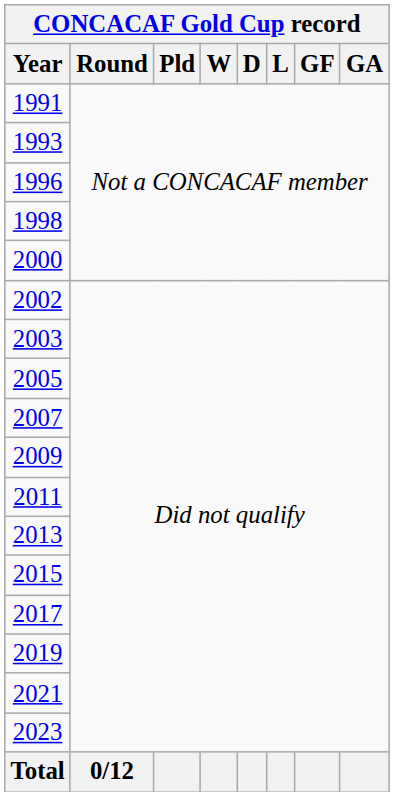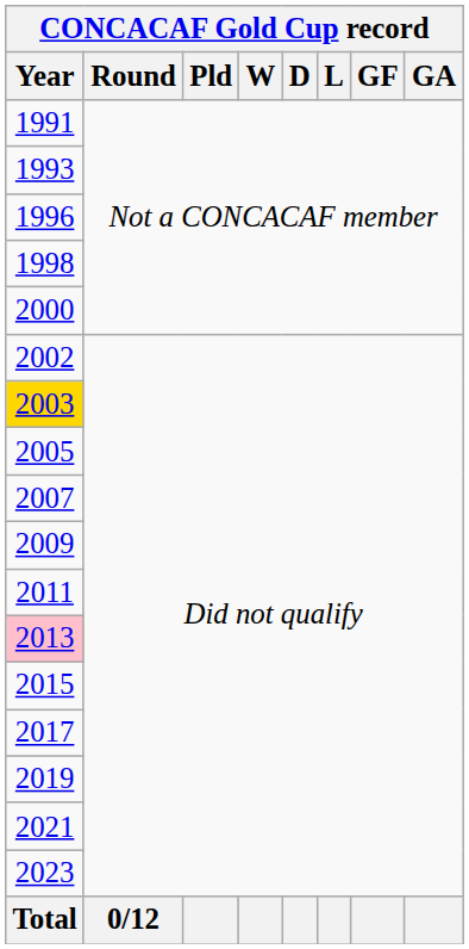 <table class="wikitable" style="text-align: center;">
 <tr>
 <th colspan=8><a href='#'>CONCACAF Gold Cup</a> record</th>
 </tr>
 <tr>
 <th>Year</th>
 <th>Round</th>
 <th>Pld</th>
 <th>W</th>
 <th>D</th>
 <th>L</th>
 <th>GF</th>
 <th>GA</th>
 </tr>
 <tr>
 <td> <a href='#'>1991</a></td>
 <td colspan=8 rowspan=5><em>Not a CONCACAF member</em></td>
 </tr>
 <tr>
 <td>  <a href='#'>1993</a></td>
 </tr>
 <tr>
 <td> <a href='#'>1996</a></td>
 </tr>
 <tr>
 <td> <a href='#'>1998</a></td>
 </tr>
 <tr>
 <td> <a href='#'>2000</a></td>
 </tr>
 <tr>
 <td> <a href='#'>2002</a></td>
 <td colspan=8 rowspan=12><em>Did not qualify</em></td>
 </tr>
 <tr>
-<td>  <a href='#'>2003</a></td>
+<td style="background: gold;">  <a href='#'>2003</a></td>
 </tr>
 <tr>
 <td> <a href='#'>2005</a></td>
 </tr>
 <tr>
 <td> <a href='#'>2007</a></td>
 </tr>
 <tr>
 <td> <a href='#'>2009</a></td>
 </tr>
 <tr>
 <td> <a href='#'>2011</a></td>
 </tr>
 <tr>
-<td> <a href='#'>2013</a></td>
+<td style="background: pink;"> <a href='#'>2013</a></td>
 </tr>
 <tr>
 <td>  <a href='#'>2015</a></td>
 </tr>
 <tr>
 <td> <a href='#'>2017</a></td>
 </tr>
 <tr>
 <td>   <a href='#'>2019</a></td>
 </tr>
 <tr>
 <td> <a href='#'>2021</a></td>
 </tr>
 <tr>
 <td>  <a href='#'>2023</a></td>
 </tr>
 <tr>
 <th>Total</th>
 <th>0/12</th>
 <th></th>
 <th></th>
 <th></th>
 <th></th>
 <th></th>
 <th></th>
 </tr>
 </table>
